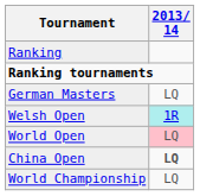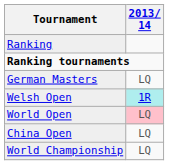 <table class="wikitable" style="font-size:85%;">
 <tr>
 <th>Tournament</th>
 <th><a href='#'>2013/<br>14</a></th>
 </tr>
 <tr>
 <td style="background:#EFEFEF;"><a href='#'>Ranking</a></td>
 <td align="center"></td>
 </tr>
 <tr>
 <td colspan="5"><strong>Ranking tournaments</strong></td>
 </tr>
 <tr>
 <td style="background:#EFEFEF;"><a href='#'>German Masters</a></td>
 <td align="center" style="color:#555555;">LQ</td>
 </tr>
 <tr>
 <td style="background:#EFEFEF;"><a href='#'>Welsh Open</a></td>
 <td align="center" style="background:#afeeee;"><a href='#'>1R</a></td>
 </tr>
 <tr>
 <td style="background:#EFEFEF;"><a href='#'>World Open</a></td>
 <td align="center" style="background: pink; color:#555555;">LQ</td>
 </tr>
 <tr>
 <td style="background:#EFEFEF;"><a href='#'>China Open</a></td>
-<td align="center" style="color:#555555;"><strong>LQ</strong></td>
+<td align="center" style="color:#555555;">LQ</td>
 </tr>
 <tr>
 <td style="background:#EFEFEF;"><a href='#'>World Championship</a></td>
 <td align="center" style="color:#555555;">LQ</td>
 </tr>
 </table>
